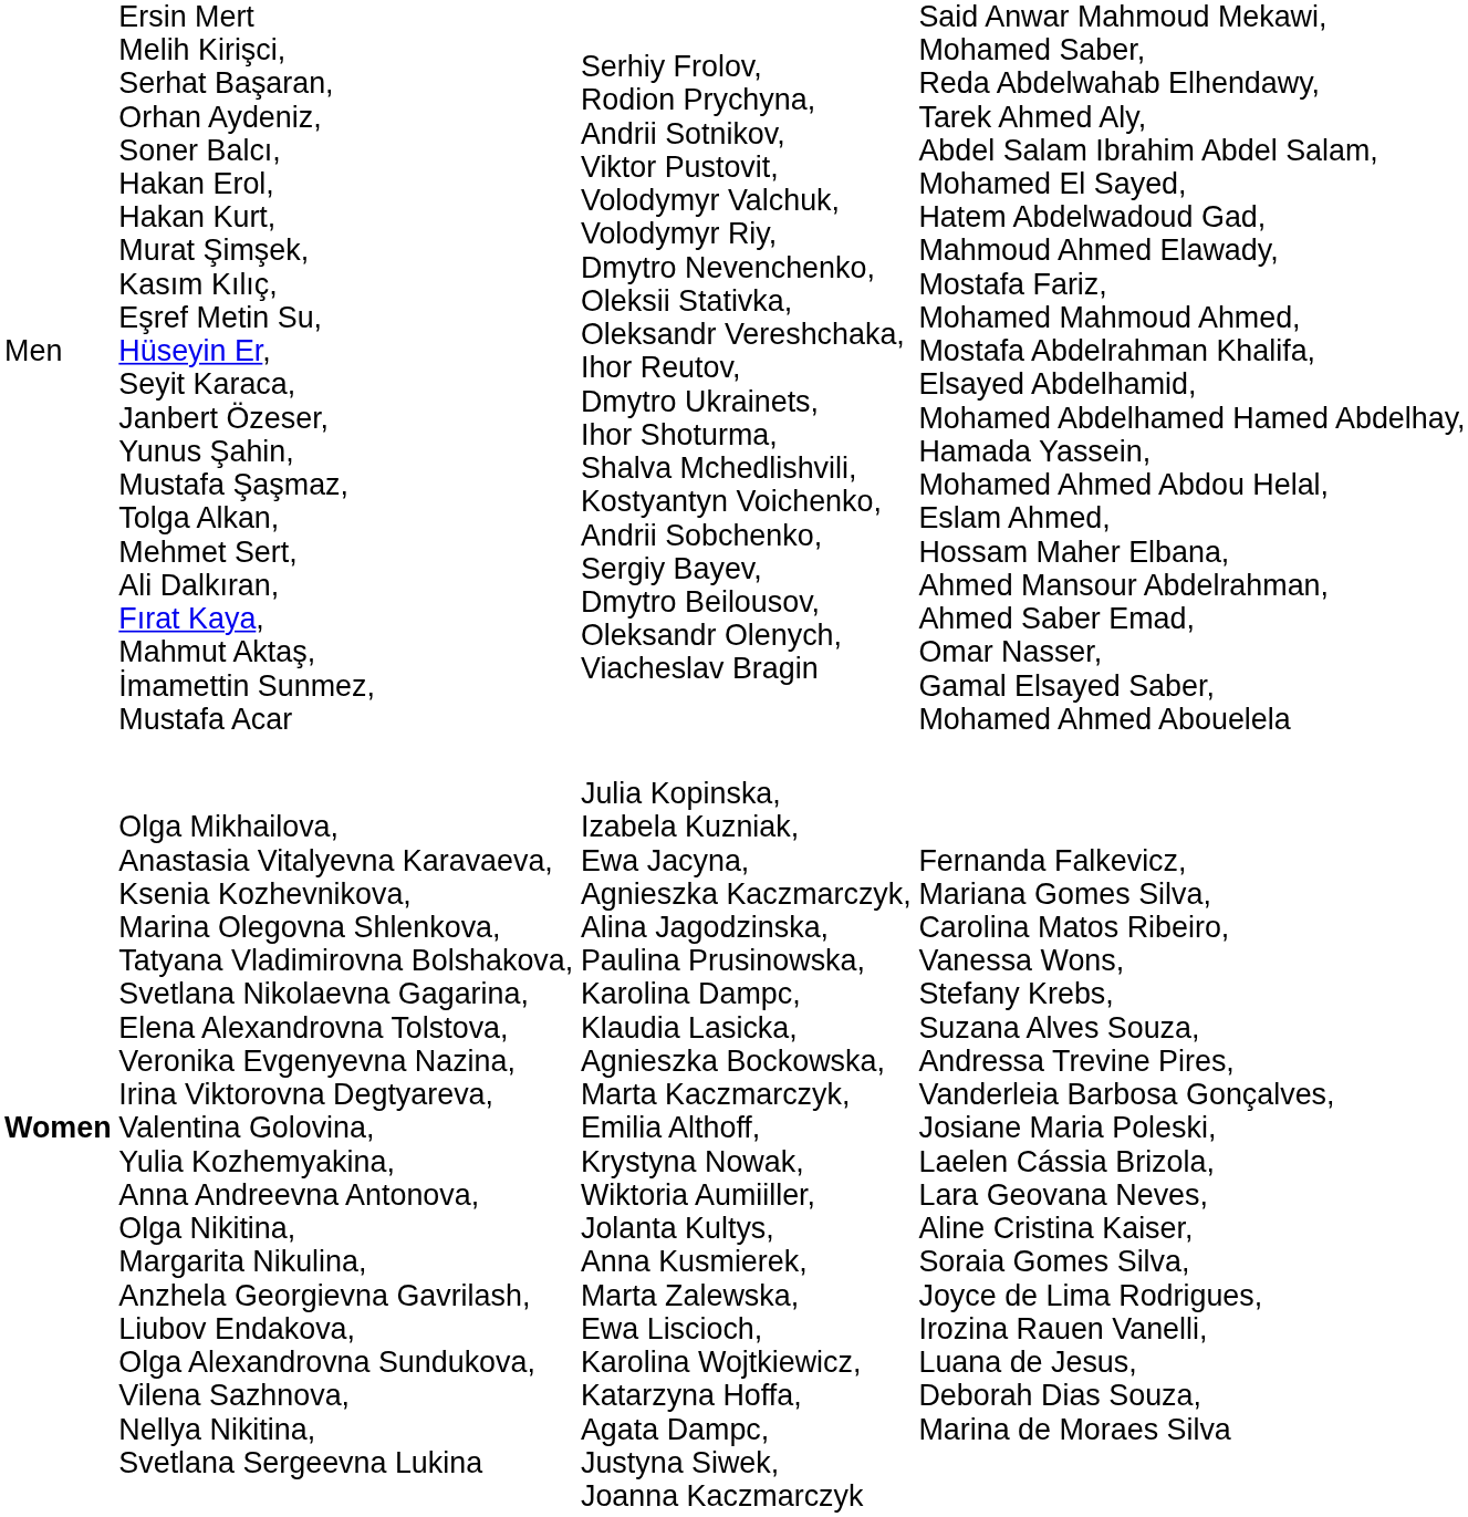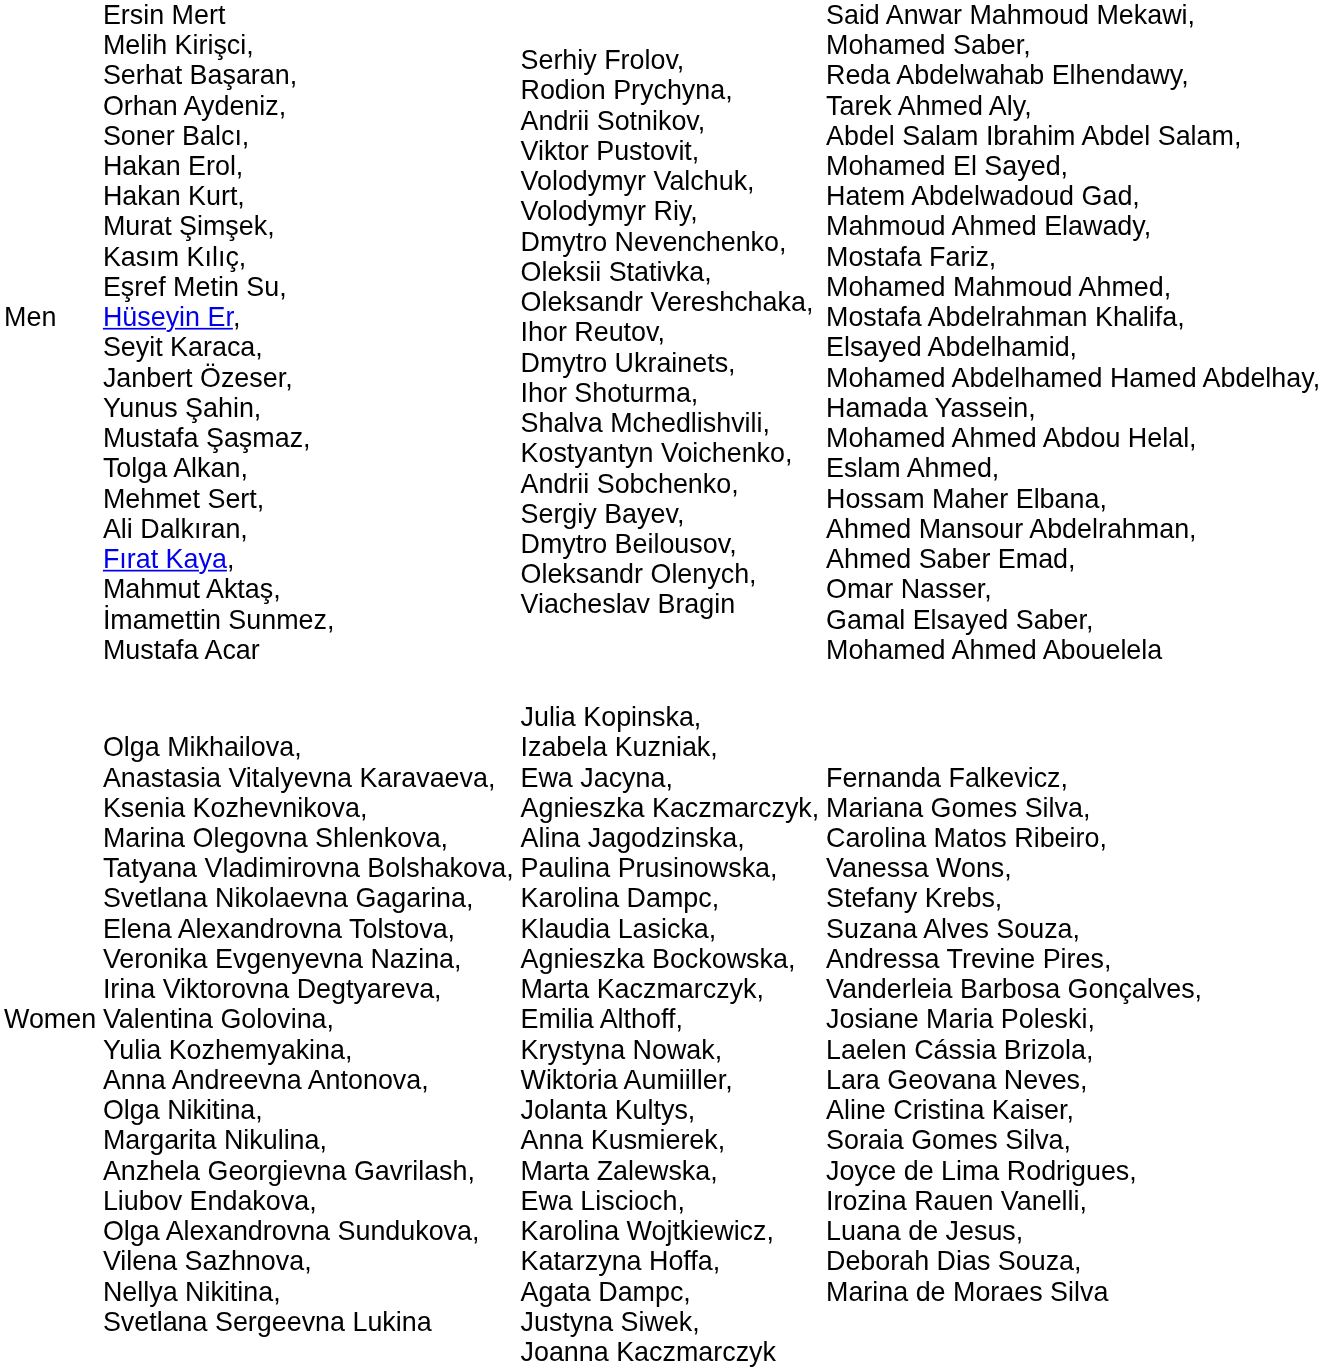 <table>
 <tr>
 <td>Men</td>
 <td><br>Ersin Mert<br>Melih Kirişci,<br>Serhat Başaran,<br>Orhan Aydeniz,<br>Soner Balcı,<br>Hakan Erol,<br>Hakan Kurt,<br>Murat Şimşek,<br>Kasım Kılıç,<br>Eşref Metin Su,<br><a href='#'>Hüseyin Er</a>,<br>Seyit Karaca,<br>Janbert Özeser,<br>Yunus Şahin,<br>Mustafa Şaşmaz,<br>Tolga Alkan,<br>Mehmet Sert,<br>Ali Dalkıran,<br><a href='#'>Fırat Kaya</a>,<br>Mahmut Aktaş,<br>İmamettin Sunmez,<br>Mustafa Acar</td>
 <td><br>Serhiy Frolov,<br>Rodion Prychyna,<br>Andrii Sotnikov,<br>Viktor Pustovit,<br>Volodymyr Valchuk,<br>Volodymyr Riy,<br>Dmytro Nevenchenko,<br>Oleksii Stativka,<br>Oleksandr Vereshchaka,<br>Ihor Reutov,<br>Dmytro Ukrainets,<br>Ihor Shoturma,<br>Shalva Mchedlishvili,<br>Kostyantyn Voichenko,<br>Andrii Sobchenko,<br>Sergiy Bayev,<br>Dmytro Beilousov,<br>Oleksandr Olenych,<br>Viacheslav Bragin</td>
 <td><br>Said Anwar Mahmoud Mekawi,<br>Mohamed Saber,<br>Reda Abdelwahab Elhendawy,<br>Tarek Ahmed Aly,<br>Abdel Salam Ibrahim Abdel Salam,<br>Mohamed El Sayed,<br>Hatem Abdelwadoud Gad,<br>Mahmoud Ahmed Elawady,<br>Mostafa Fariz,<br>Mohamed Mahmoud Ahmed,<br>Mostafa Abdelrahman Khalifa,<br>Elsayed Abdelhamid,<br>Mohamed Abdelhamed Hamed Abdelhay,<br>Hamada Yassein,<br>Mohamed Ahmed Abdou Helal,<br>Eslam Ahmed,<br>Hossam Maher Elbana,<br>Ahmed Mansour Abdelrahman,<br>Ahmed Saber Emad,<br>Omar Nasser,<br>Gamal Elsayed Saber,<br>Mohamed Ahmed Abouelela</td>
 </tr>
 <tr>
-<td><strong>Women</strong></td>
+<td>Women</td>
 <td><br>Olga Mikhailova,<br>Anastasia Vitalyevna Karavaeva,<br>Ksenia Kozhevnikova,<br>Marina Olegovna Shlenkova,<br>Tatyana Vladimirovna Bolshakova,<br>Svetlana Nikolaevna Gagarina,<br>Elena Alexandrovna Tolstova,<br>Veronika Evgenyevna Nazina,<br>Irina Viktorovna Degtyareva,<br>Valentina Golovina,<br>Yulia Kozhemyakina,<br>Anna Andreevna Antonova,<br>Olga Nikitina,<br>Margarita Nikulina,<br>Anzhela Georgievna Gavrilash,<br>Liubov Endakova,<br>Olga Alexandrovna Sundukova,<br>Vilena Sazhnova,<br>Nellya Nikitina,<br>Svetlana Sergeevna Lukina</td>
 <td><br>Julia Kopinska,<br>Izabela Kuzniak,<br>Ewa Jacyna,<br>Agnieszka Kaczmarczyk,<br>Alina Jagodzinska,<br>Paulina Prusinowska,<br>Karolina Dampc,<br>Klaudia Lasicka,<br>Agnieszka Bockowska,<br>Marta Kaczmarczyk,<br>Emilia Althoff,<br>Krystyna Nowak,<br>Wiktoria Aumiiller,<br>Jolanta Kultys,<br>Anna Kusmierek,<br>Marta Zalewska,<br>Ewa Liscioch,<br>Karolina Wojtkiewicz,<br>Katarzyna Hoffa,<br>Agata Dampc,<br>Justyna Siwek,<br>Joanna Kaczmarczyk</td>
 <td><br>Fernanda Falkevicz,<br>Mariana Gomes Silva,<br>Carolina Matos Ribeiro,<br>Vanessa Wons,<br>Stefany Krebs,<br>Suzana Alves Souza,<br>Andressa Trevine Pires,<br>Vanderleia Barbosa Gonçalves,<br>Josiane Maria Poleski,<br>Laelen Cássia Brizola,<br>Lara Geovana Neves,<br>Aline Cristina Kaiser,<br>Soraia Gomes Silva,<br>Joyce de Lima Rodrigues,<br>Irozina Rauen Vanelli,<br>Luana de Jesus,<br>Deborah Dias Souza,<br>Marina de Moraes Silva</td>
 </tr>
 </table>
